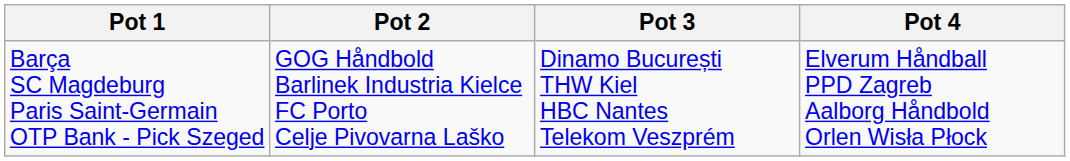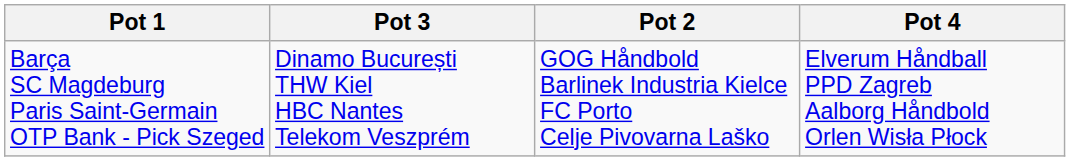 <table class="wikitable">
 <tr>
 <th style="width:25%;">Pot 1</th>
+<th style="width:25%;">Pot 3</th>
 <th style="width:25%;">Pot 2</th>
-<th style="width:25%;">Pot 3</th>
 <th style="width:25%;">Pot 4</th>
 </tr>
 <tr>
 <td valign="top"> <a href='#'>Barça</a><br> <a href='#'>SC Magdeburg</a><br> <a href='#'>Paris Saint-Germain</a><br> <a href='#'>OTP Bank - Pick Szeged</a></td>
+<td valign="top"> <a href='#'>Dinamo București</a><br> <a href='#'>THW Kiel</a><br> <a href='#'>HBC Nantes</a><br> <a href='#'>Telekom Veszprém</a></td>
 <td valign="top"> <a href='#'>GOG Håndbold</a><br> <a href='#'>Barlinek Industria Kielce</a><br> <a href='#'>FC Porto</a><br> <a href='#'>Celje Pivovarna Laško</a></td>
-<td valign="top"> <a href='#'>Dinamo București</a><br> <a href='#'>THW Kiel</a><br> <a href='#'>HBC Nantes</a><br> <a href='#'>Telekom Veszprém</a></td>
 <td valign="top"> <a href='#'>Elverum Håndball</a><br> <a href='#'>PPD Zagreb</a><br> <a href='#'>Aalborg Håndbold</a><br> <a href='#'>Orlen Wisła Płock</a></td>
 </tr>
 </table>
